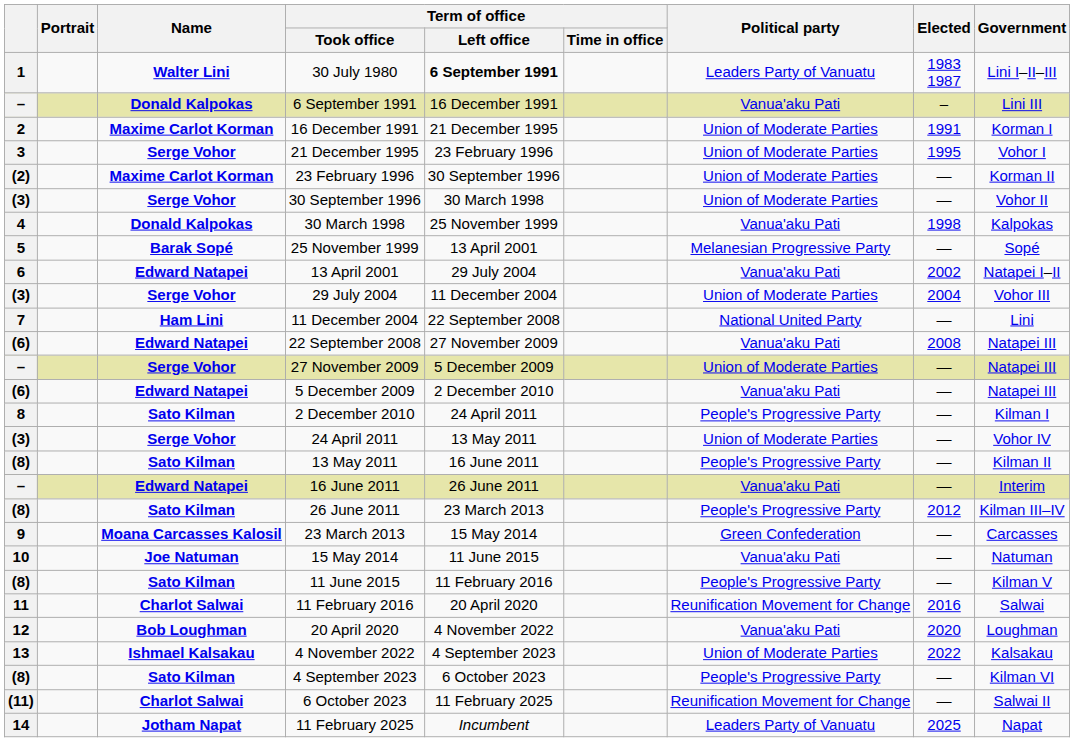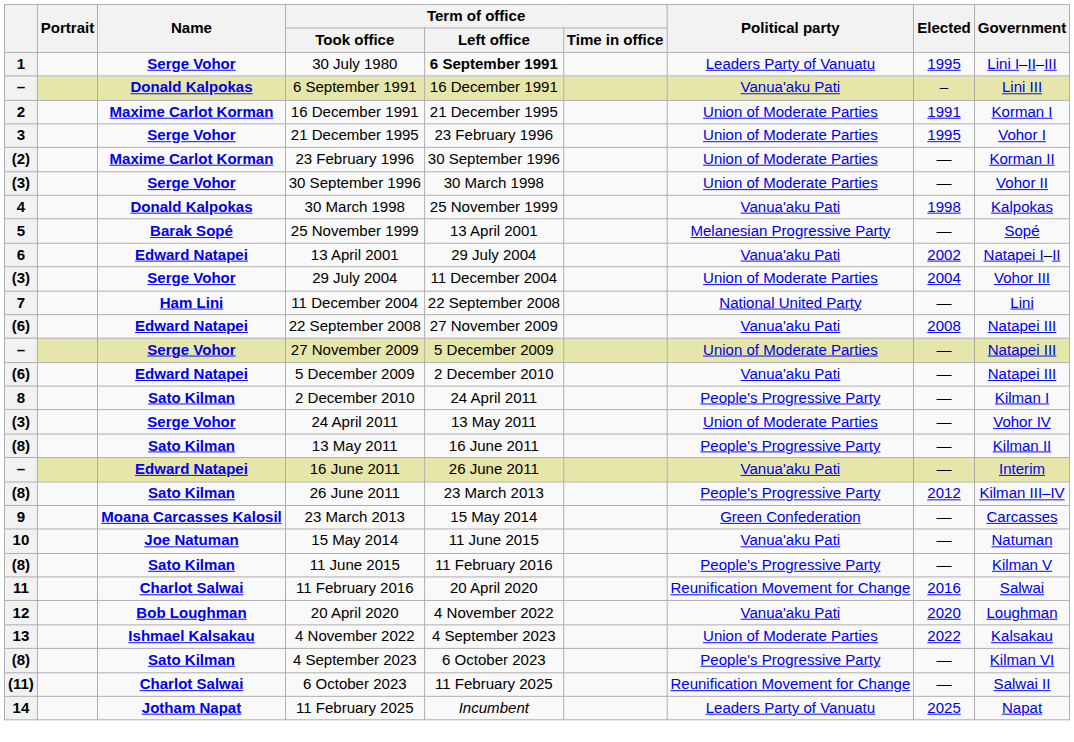 <table class="wikitable" style="text-align:center;">
 <tr>
 <th rowspan=2></th>
 <th rowspan=2>Portrait</th>
 <th rowspan=2>Name<br></th>
 <th colspan=3>Term of office</th>
 <th rowspan=2>Political party</th>
 <th rowspan=2>Elected</th>
 <th rowspan=2>Government</th>
 </tr>
 <tr>
 <th>Took office</th>
 <th>Left office</th>
 <th>Time in office</th>
 </tr>
 <tr>
 <th style="background:">1</th>
 <td></td>
-<td><strong><a href='#'>Walter Lini</a></strong><br></td>
+<td><strong><a href='#'>Serge Vohor</a></strong><br></td>
 <td>30 July 1980</td>
 <td><strong>6 September 1991</strong></td>
 <td></td>
 <td><a href='#'>Leaders Party of Vanuatu</a></td>
-<td><a href='#'>1983</a><br><a href='#'>1987</a></td>
+<td><a href='#'>1995</a></td>
 <td><a href='#'>Lini I</a>–<a href='#'>II</a>–<a href='#'>III</a></td>
 </tr>
 <tr style="background:#e6e6aa;">
 <th style="background:">–</th>
 <td></td>
 <td><strong><a href='#'>Donald Kalpokas</a></strong><br></td>
 <td>6 September 1991</td>
 <td>16 December 1991</td>
 <td></td>
 <td><a href='#'>Vanua'aku Pati</a></td>
 <td>–</td>
 <td><a href='#'>Lini III</a></td>
 </tr>
 <tr>
 <th style="background:">2</th>
 <td></td>
 <td><strong><a href='#'>Maxime Carlot Korman</a></strong><br></td>
 <td>16 December 1991</td>
 <td>21 December 1995</td>
 <td></td>
 <td><a href='#'>Union of Moderate Parties</a></td>
 <td><a href='#'>1991</a></td>
 <td><a href='#'>Korman I</a></td>
 </tr>
 <tr>
 <th style="background:">3</th>
 <td></td>
 <td><strong><a href='#'>Serge Vohor</a></strong><br></td>
 <td>21 December 1995</td>
 <td>23 February 1996<br></td>
 <td></td>
 <td><a href='#'>Union of Moderate Parties</a></td>
 <td><a href='#'>1995</a></td>
 <td><a href='#'>Vohor I</a></td>
 </tr>
 <tr>
 <th style="background:">(2)</th>
 <td></td>
 <td><strong><a href='#'>Maxime Carlot Korman</a></strong><br></td>
 <td>23 February 1996</td>
 <td>30 September 1996<br></td>
 <td></td>
 <td><a href='#'>Union of Moderate Parties</a></td>
 <td>—</td>
 <td><a href='#'>Korman II</a></td>
 </tr>
 <tr>
 <th style="background:">(3)</th>
 <td></td>
 <td><strong><a href='#'>Serge Vohor</a></strong><br></td>
 <td>30 September 1996</td>
 <td>30 March 1998</td>
 <td></td>
 <td><a href='#'>Union of Moderate Parties</a></td>
 <td>—</td>
 <td><a href='#'>Vohor II</a></td>
 </tr>
 <tr>
 <th style="background:">4</th>
 <td></td>
 <td><strong><a href='#'>Donald Kalpokas</a></strong><br></td>
 <td>30 March 1998</td>
 <td>25 November 1999</td>
 <td></td>
 <td><a href='#'>Vanua'aku Pati</a></td>
 <td><a href='#'>1998</a></td>
 <td><a href='#'>Kalpokas</a></td>
 </tr>
 <tr>
 <th style="background:">5</th>
 <td></td>
 <td><strong><a href='#'>Barak Sopé</a></strong><br></td>
 <td>25 November 1999</td>
 <td>13 April 2001<br></td>
 <td></td>
 <td><a href='#'>Melanesian Progressive Party</a></td>
 <td>—</td>
 <td><a href='#'>Sopé</a></td>
 </tr>
 <tr>
 <th style="background:">6</th>
 <td></td>
 <td><strong><a href='#'>Edward Natapei</a></strong><br></td>
 <td>13 April 2001</td>
 <td>29 July 2004</td>
 <td></td>
 <td><a href='#'>Vanua'aku Pati</a></td>
 <td><a href='#'>2002</a></td>
 <td><a href='#'>Natapei I</a>–<a href='#'>II</a></td>
 </tr>
 <tr>
 <th style="background:">(3)</th>
 <td></td>
 <td><strong><a href='#'>Serge Vohor</a></strong><br></td>
 <td>29 July 2004</td>
 <td>11 December 2004<br></td>
 <td></td>
 <td><a href='#'>Union of Moderate Parties</a></td>
 <td><a href='#'>2004</a></td>
 <td><a href='#'>Vohor III</a></td>
 </tr>
 <tr>
 <th style="background:">7</th>
 <td></td>
 <td><strong><a href='#'>Ham Lini</a></strong><br></td>
 <td>11 December 2004</td>
 <td>22 September 2008</td>
 <td></td>
 <td><a href='#'>National United Party</a></td>
 <td>—</td>
 <td><a href='#'>Lini</a></td>
 </tr>
 <tr>
 <th style="background:">(6)</th>
 <td></td>
 <td><strong><a href='#'>Edward Natapei</a></strong><br></td>
 <td>22 September 2008</td>
 <td>27 November 2009<br></td>
 <td></td>
 <td><a href='#'>Vanua'aku Pati</a></td>
 <td><a href='#'>2008</a></td>
 <td><a href='#'>Natapei III</a></td>
 </tr>
 <tr style="background:#e6e6aa;">
 <th style="background:">–</th>
 <td></td>
 <td><strong><a href='#'>Serge Vohor</a></strong><br></td>
 <td>27 November 2009</td>
 <td>5 December 2009</td>
 <td></td>
 <td><a href='#'>Union of Moderate Parties</a></td>
 <td>—</td>
 <td><a href='#'>Natapei III</a></td>
 </tr>
 <tr>
 <th style="background:">(6)</th>
 <td></td>
 <td><strong><a href='#'>Edward Natapei</a></strong><br></td>
 <td>5 December 2009<br></td>
 <td>2 December 2010<br></td>
 <td></td>
 <td><a href='#'>Vanua'aku Pati</a></td>
 <td>—</td>
 <td><a href='#'>Natapei III</a></td>
 </tr>
 <tr>
 <th style="background:">8</th>
 <td></td>
 <td><strong><a href='#'>Sato Kilman</a></strong><br></td>
 <td>2 December 2010</td>
 <td>24 April 2011<br></td>
 <td></td>
 <td><a href='#'>People's Progressive Party</a></td>
 <td>—</td>
 <td><a href='#'>Kilman I</a></td>
 </tr>
 <tr>
 <th style="background:">(3)</th>
 <td></td>
 <td><strong><a href='#'>Serge Vohor</a></strong><br></td>
 <td>24 April 2011</td>
 <td>13 May 2011<br></td>
 <td></td>
 <td><a href='#'>Union of Moderate Parties</a></td>
 <td>—</td>
 <td><a href='#'>Vohor IV</a></td>
 </tr>
 <tr>
 <th style="background:">(8)</th>
 <td></td>
 <td><strong><a href='#'>Sato Kilman</a></strong><br></td>
 <td>13 May 2011</td>
 <td>16 June 2011<br></td>
 <td></td>
 <td><a href='#'>People's Progressive Party</a></td>
 <td>—</td>
 <td><a href='#'>Kilman II</a></td>
 </tr>
 <tr style="background:#e6e6aa;">
 <th style="background:">–</th>
 <td></td>
 <td><strong><a href='#'>Edward Natapei</a></strong><br></td>
 <td>16 June 2011</td>
 <td>26 June 2011</td>
 <td></td>
 <td><a href='#'>Vanua'aku Pati</a></td>
 <td>—</td>
 <td><a href='#'>Interim</a></td>
 </tr>
 <tr>
 <th style="background:">(8)</th>
 <td></td>
 <td><strong><a href='#'>Sato Kilman</a></strong><br></td>
 <td>26 June 2011<br></td>
 <td>23 March 2013<br></td>
 <td></td>
 <td><a href='#'>People's Progressive Party</a></td>
 <td><a href='#'>2012</a></td>
 <td><a href='#'>Kilman III–IV</a></td>
 </tr>
 <tr>
 <th style="background:">9</th>
 <td></td>
 <td><strong><a href='#'>Moana Carcasses Kalosil</a></strong><br></td>
 <td>23 March 2013</td>
 <td>15 May 2014<br></td>
 <td></td>
 <td><a href='#'>Green Confederation</a></td>
 <td>—</td>
 <td><a href='#'>Carcasses</a></td>
 </tr>
 <tr>
 <th style="background:">10</th>
 <td></td>
 <td><strong><a href='#'>Joe Natuman</a></strong><br></td>
 <td>15 May 2014</td>
 <td>11 June 2015<br></td>
 <td></td>
 <td><a href='#'>Vanua'aku Pati</a></td>
 <td>—</td>
 <td><a href='#'>Natuman</a></td>
 </tr>
 <tr>
 <th style="background:">(8)</th>
 <td></td>
 <td><strong><a href='#'>Sato Kilman</a></strong><br></td>
 <td>11 June 2015</td>
 <td>11 February 2016</td>
 <td></td>
 <td><a href='#'>People's Progressive Party</a></td>
 <td>—</td>
 <td><a href='#'>Kilman V</a></td>
 </tr>
 <tr>
 <th style="background:">11</th>
 <td></td>
 <td><strong><a href='#'>Charlot Salwai</a></strong><br></td>
 <td>11 February 2016</td>
 <td>20 April 2020</td>
 <td></td>
 <td><a href='#'>Reunification Movement for Change</a></td>
 <td><a href='#'>2016</a></td>
 <td><a href='#'>Salwai</a></td>
 </tr>
 <tr>
 <th style="background:">12</th>
 <td></td>
 <td><strong><a href='#'>Bob Loughman</a></strong><br></td>
 <td>20 April 2020</td>
 <td>4 November 2022</td>
 <td></td>
 <td><a href='#'>Vanua'aku Pati</a></td>
 <td><a href='#'>2020</a></td>
 <td><a href='#'>Loughman</a></td>
 </tr>
 <tr>
 <th style="background:">13</th>
 <td></td>
 <td><strong><a href='#'>Ishmael Kalsakau</a></strong><br></td>
 <td>4 November 2022</td>
 <td>4 September 2023</td>
 <td></td>
 <td><a href='#'>Union of Moderate Parties</a></td>
 <td><a href='#'>2022</a></td>
 <td><a href='#'>Kalsakau</a></td>
 </tr>
 <tr>
 <th style="background:">(8)</th>
 <td></td>
 <td><strong><a href='#'>Sato Kilman</a></strong><br></td>
 <td>4 September 2023</td>
 <td>6 October 2023</td>
 <td></td>
 <td><a href='#'>People's Progressive Party</a></td>
 <td>—</td>
 <td><a href='#'>Kilman VI</a></td>
 </tr>
 <tr>
 <th style="background:">(11)</th>
 <td></td>
 <td><strong><a href='#'>Charlot Salwai</a></strong><br></td>
 <td>6 October 2023</td>
 <td>11 February 2025</td>
 <td></td>
 <td><a href='#'>Reunification Movement for Change</a></td>
 <td>—</td>
 <td><a href='#'>Salwai II</a></td>
 </tr>
 <tr>
 <th style="background:">14</th>
 <td></td>
 <td><strong><a href='#'>Jotham Napat</a></strong><br></td>
 <td>11 February 2025</td>
 <td><em>Incumbent</em></td>
 <td></td>
 <td><a href='#'>Leaders Party of Vanuatu</a></td>
 <td><a href='#'>2025</a></td>
 <td><a href='#'>Napat</a></td>
 </tr>
 </table>
